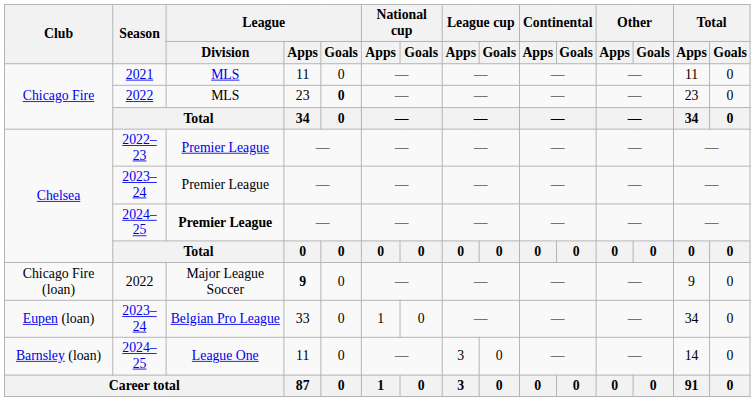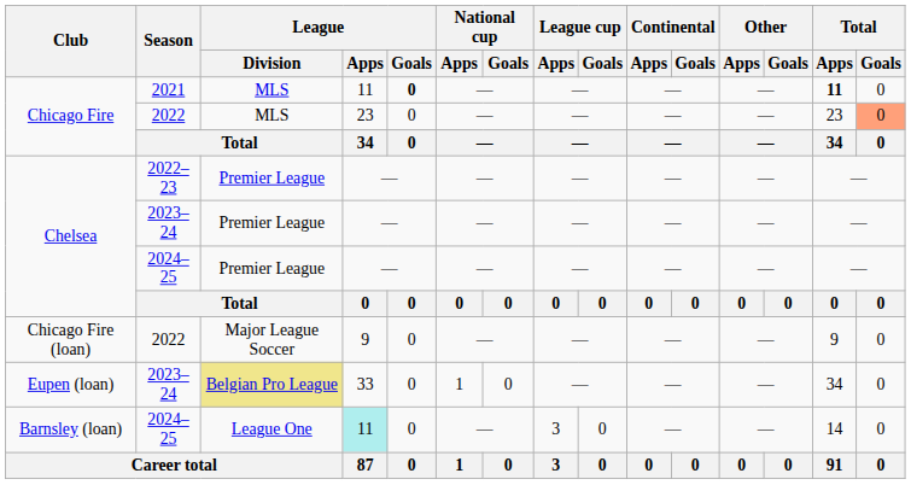 <table class="wikitable" style="text-align: center">
 <tr>
 <th rowspan="2">Club</th>
 <th rowspan="2">Season</th>
 <th colspan="3">League</th>
 <th colspan="2">National cup</th>
 <th colspan="2">League cup</th>
 <th colspan="2">Continental</th>
 <th colspan="2">Other</th>
 <th colspan="2">Total</th>
 </tr>
 <tr>
 <th>Division</th>
 <th>Apps</th>
 <th>Goals</th>
 <th>Apps</th>
 <th>Goals</th>
 <th>Apps</th>
 <th>Goals</th>
 <th>Apps</th>
 <th>Goals</th>
 <th>Apps</th>
 <th>Goals</th>
 <th>Apps</th>
 <th>Goals</th>
 </tr>
 <tr>
 <td rowspan=3><a href='#'>Chicago Fire</a></td>
 <td><a href='#'>2021</a></td>
 <td><a href='#'>MLS</a></td>
 <td>11</td>
-<td>0</td>
+<td><strong>0</strong></td>
 <td colspan=2>—</td>
 <td colspan=2>—</td>
 <td colspan=2>—</td>
 <td colspan=2>—</td>
-<td>11</td>
+<td><strong>11</strong></td>
 <td>0</td>
 </tr>
 <tr>
 <td><a href='#'>2022</a></td>
 <td>MLS</td>
 <td>23</td>
-<td><strong>0</strong></td>
+<td>0</td>
 <td colspan=2>—</td>
 <td colspan=2>—</td>
 <td colspan=2>—</td>
 <td colspan=2>—</td>
 <td>23</td>
-<td>0</td>
+<td style="background: lightsalmon;">0</td>
 </tr>
 <tr>
 <th colspan=2>Total</th>
 <th>34</th>
 <th>0</th>
 <th colspan=2>—</th>
 <th colspan=2>—</th>
 <th colspan=2>—</th>
 <th colspan=2>—</th>
 <th>34</th>
 <th>0</th>
 </tr>
 <tr>
 <td rowspan=4><a href='#'>Chelsea</a></td>
 <td><a href='#'>2022–23</a></td>
 <td><a href='#'>Premier League</a></td>
 <td colspan=2>—</td>
 <td colspan=2>—</td>
 <td colspan=2>—</td>
 <td colspan=2>—</td>
 <td colspan=2>—</td>
 <td colspan=2>—</td>
 </tr>
 <tr>
 <td><a href='#'>2023–24</a></td>
 <td>Premier League</td>
 <td colspan=2>—</td>
 <td colspan=2>—</td>
 <td colspan=2>—</td>
 <td colspan=2>—</td>
 <td colspan=2>—</td>
 <td colspan=2>—</td>
 </tr>
 <tr>
 <td><a href='#'>2024–25</a></td>
-<td><strong>Premier League</strong></td>
+<td>Premier League</td>
 <td colspan=2>—</td>
 <td colspan=2>—</td>
 <td colspan=2>—</td>
 <td colspan=2>—</td>
 <td colspan=2>—</td>
 <td colspan=2>—</td>
 </tr>
 <tr>
 <th colspan=2>Total</th>
 <th>0</th>
 <th>0</th>
 <th>0</th>
 <th>0</th>
 <th>0</th>
 <th>0</th>
 <th>0</th>
 <th>0</th>
 <th>0</th>
 <th>0</th>
 <th>0</th>
 <th>0</th>
 </tr>
 <tr>
 <td>Chicago Fire (loan)</td>
 <td>2022</td>
 <td>Major League Soccer</td>
-<td><strong>9</strong></td>
+<td>9</td>
 <td>0</td>
 <td colspan=2>—</td>
 <td colspan=2>—</td>
 <td colspan=2>—</td>
 <td colspan=2>—</td>
 <td>9</td>
 <td>0</td>
 </tr>
 <tr>
 <td><a href='#'>Eupen</a> (loan)</td>
 <td><a href='#'>2023–24</a></td>
-<td><a href='#'>Belgian Pro League</a></td>
+<td style="background: khaki;"><a href='#'>Belgian Pro League</a></td>
 <td>33</td>
 <td>0</td>
 <td>1</td>
 <td>0</td>
 <td colspan=2>—</td>
 <td colspan=2>—</td>
 <td colspan=2>—</td>
 <td>34</td>
 <td>0</td>
 </tr>
 <tr>
 <td><a href='#'>Barnsley</a> (loan)</td>
 <td><a href='#'>2024–25</a></td>
 <td><a href='#'>League One</a></td>
-<td>11</td>
+<td style="background: paleturquoise;">11</td>
 <td>0</td>
 <td colspan=2>—</td>
 <td>3</td>
 <td>0</td>
 <td colspan=2>—</td>
 <td colspan=2>—</td>
 <td>14</td>
 <td>0</td>
 </tr>
 <tr>
 <th colspan=3>Career total</th>
 <th>87</th>
 <th>0</th>
 <th>1</th>
 <th>0</th>
 <th>3</th>
 <th>0</th>
 <th>0</th>
 <th>0</th>
 <th>0</th>
 <th>0</th>
 <th>91</th>
 <th>0</th>
 </tr>
 </table>
